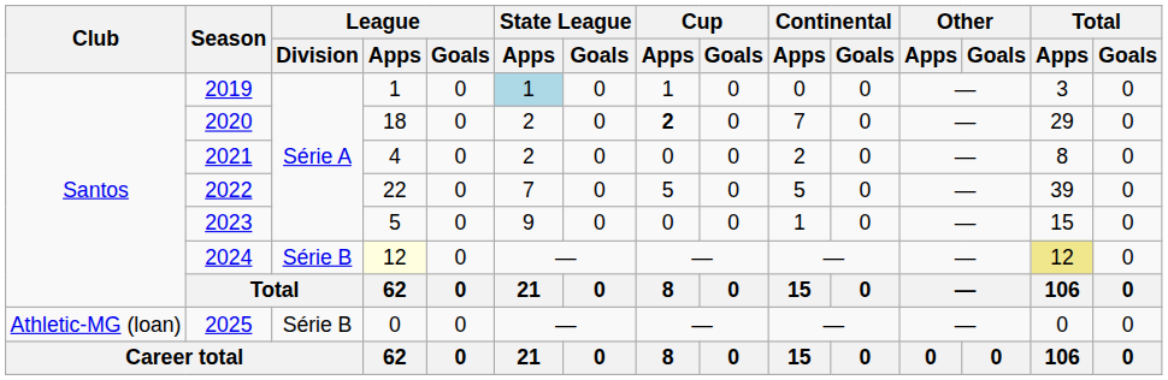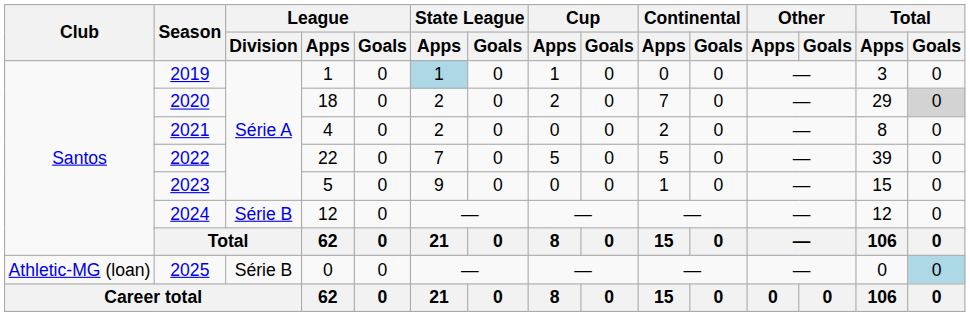 <table class="wikitable" style="text-align:center;">
 <tr>
 <th rowspan="2">Club</th>
 <th rowspan="2">Season</th>
 <th colspan="3">League</th>
 <th colspan="2">State League</th>
 <th colspan="2">Cup</th>
 <th colspan="2">Continental</th>
 <th colspan="2">Other</th>
 <th colspan="2">Total</th>
 </tr>
 <tr>
 <th>Division</th>
 <th>Apps</th>
 <th>Goals</th>
 <th>Apps</th>
 <th>Goals</th>
 <th>Apps</th>
 <th>Goals</th>
 <th>Apps</th>
 <th>Goals</th>
 <th>Apps</th>
 <th>Goals</th>
 <th>Apps</th>
 <th>Goals</th>
 </tr>
 <tr>
 <td rowspan="7"><a href='#'>Santos</a></td>
 <td><a href='#'>2019</a></td>
 <td rowspan="5"><a href='#'>Série A</a></td>
 <td>1</td>
 <td>0</td>
 <td style="background: lightblue;">1</td>
 <td>0</td>
 <td>1</td>
 <td>0</td>
 <td>0</td>
 <td>0</td>
 <td colspan="2">—</td>
 <td>3</td>
 <td>0</td>
 </tr>
 <tr>
 <td><a href='#'>2020</a></td>
 <td>18</td>
 <td>0</td>
 <td>2</td>
 <td>0</td>
-<td><strong>2</strong></td>
+<td>2</td>
 <td>0</td>
 <td>7</td>
 <td>0</td>
 <td colspan="2">—</td>
 <td>29</td>
-<td>0</td>
+<td style="background: lightgrey;">0</td>
 </tr>
 <tr>
 <td><a href='#'>2021</a></td>
 <td>4</td>
 <td>0</td>
 <td>2</td>
 <td>0</td>
 <td>0</td>
 <td>0</td>
 <td>2</td>
 <td>0</td>
 <td colspan="2">—</td>
 <td>8</td>
 <td>0</td>
 </tr>
 <tr>
 <td><a href='#'>2022</a></td>
 <td>22</td>
 <td>0</td>
 <td>7</td>
 <td>0</td>
 <td>5</td>
 <td>0</td>
 <td>5</td>
 <td>0</td>
 <td colspan="2">—</td>
 <td>39</td>
 <td>0</td>
 </tr>
 <tr>
 <td><a href='#'>2023</a></td>
 <td>5</td>
 <td>0</td>
 <td>9</td>
 <td>0</td>
 <td>0</td>
 <td>0</td>
 <td>1</td>
 <td>0</td>
 <td colspan="2">—</td>
 <td>15</td>
 <td>0</td>
 </tr>
 <tr>
 <td><a href='#'>2024</a></td>
 <td><a href='#'>Série B</a></td>
-<td style="background: lightyellow;">12</td>
+<td>12</td>
 <td>0</td>
 <td colspan="2">—</td>
 <td colspan="2">—</td>
 <td colspan="2">—</td>
 <td colspan="2">—</td>
-<td style="background: khaki;">12</td>
+<td>12</td>
 <td>0</td>
 </tr>
 <tr>
 <th colspan="2">Total</th>
 <th>62</th>
 <th>0</th>
 <th>21</th>
 <th>0</th>
 <th>8</th>
 <th>0</th>
 <th>15</th>
 <th>0</th>
 <th colspan="2">—</th>
 <th>106</th>
 <th>0</th>
 </tr>
 <tr>
 <td><a href='#'>Athletic-MG</a> (loan)</td>
 <td><a href='#'>2025</a></td>
 <td>Série B</td>
 <td>0</td>
 <td>0</td>
 <td colspan="2">—</td>
 <td colspan="2">—</td>
 <td colspan="2">—</td>
 <td colspan="2">—</td>
 <td>0</td>
-<td>0</td>
+<td style="background: lightblue;">0</td>
 </tr>
 <tr>
 <th colspan="3">Career total</th>
 <th>62</th>
 <th>0</th>
 <th>21</th>
 <th>0</th>
 <th>8</th>
 <th>0</th>
 <th>15</th>
 <th>0</th>
 <th>0</th>
 <th>0</th>
 <th>106</th>
 <th>0</th>
 </tr>
 </table>
